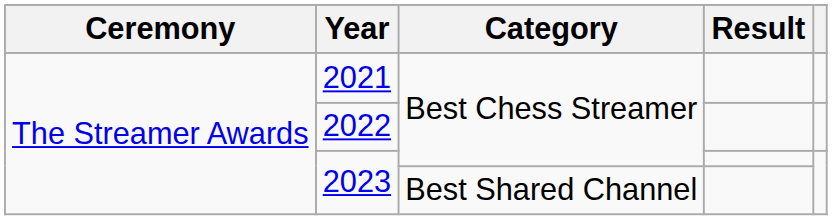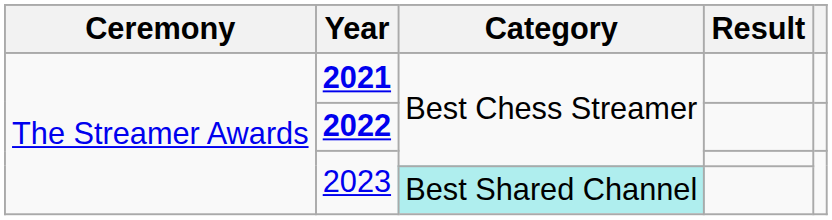 <table class="wikitable" style="text-align:center;">
 <tr>
 <th>Ceremony</th>
 <th>Year</th>
 <th>Category</th>
 <th>Result</th>
 <th></th>
 </tr>
 <tr>
 <td rowspan="4"><a href='#'>The Streamer Awards</a></td>
-<td><a href='#'>2021</a></td>
+<td><strong><a href='#'>2021</a></strong></td>
 <td rowspan="3">Best Chess Streamer</td>
 <td></td>
 <td></td>
 </tr>
 <tr>
-<td><a href='#'>2022</a></td>
+<td><strong><a href='#'>2022</a></strong></td>
 <td></td>
 <td></td>
 </tr>
 <tr>
 <td rowspan="2"><a href='#'>2023</a></td>
 <td></td>
 <td rowspan="2"></td>
 </tr>
 <tr>
-<td>Best Shared Channel</td>
+<td style="background: paleturquoise;">Best Shared Channel</td>
 <td></td>
 </tr>
 </table>
